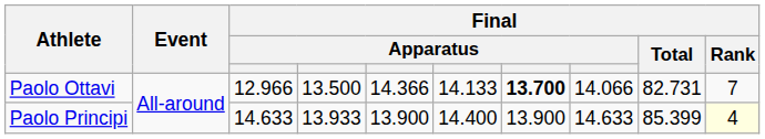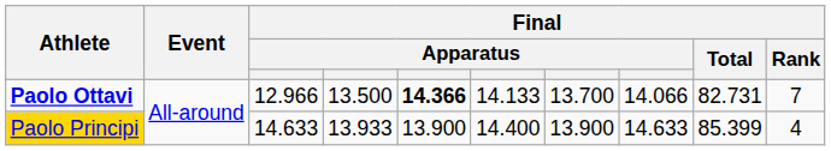 <table class="wikitable" style="font-size:90%">
 <tr>
 <th rowspan=3>Athlete</th>
 <th rowspan=3>Event</th>
 <th colspan =8>Final</th>
 </tr>
 <tr style="font-size:95%">
 <th colspan=6>Apparatus</th>
 <th rowspan=2>Total</th>
 <th rowspan=2>Rank</th>
 </tr>
 <tr style="font-size:95%">
 <th></th>
 <th></th>
 <th></th>
 <th></th>
 <th></th>
 <th></th>
 </tr>
 <tr align=center>
-<td align=left><a href='#'>Paolo Ottavi</a></td>
+<td align=left><strong><a href='#'>Paolo Ottavi</a></strong></td>
 <td align=left rowspan=2><a href='#'>All-around</a></td>
 <td>12.966</td>
 <td>13.500</td>
-<td>14.366</td>
+<td><strong>14.366</strong></td>
 <td>14.133</td>
-<td><strong>13.700</strong></td>
+<td>13.700</td>
 <td>14.066</td>
 <td>82.731</td>
 <td>7</td>
 </tr>
 <tr align=center>
-<td align=left><a href='#'>Paolo Principi</a></td>
+<td align=left style="background: gold;"><a href='#'>Paolo Principi</a></td>
 <td>14.633</td>
 <td>13.933</td>
 <td>13.900</td>
 <td>14.400</td>
 <td>13.900</td>
 <td>14.633</td>
 <td>85.399</td>
-<td style="background: lightyellow;">4</td>
+<td>4</td>
 </tr>
 </table>
